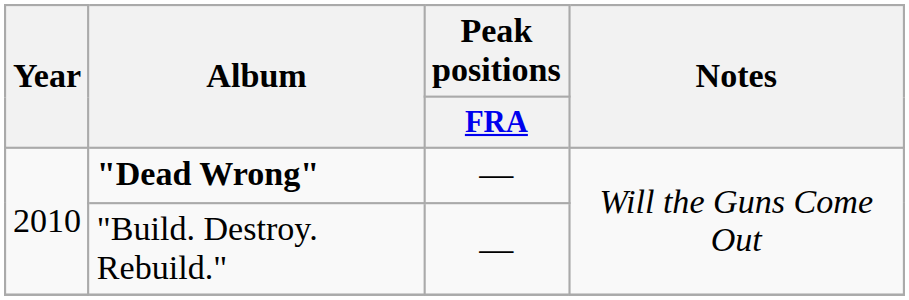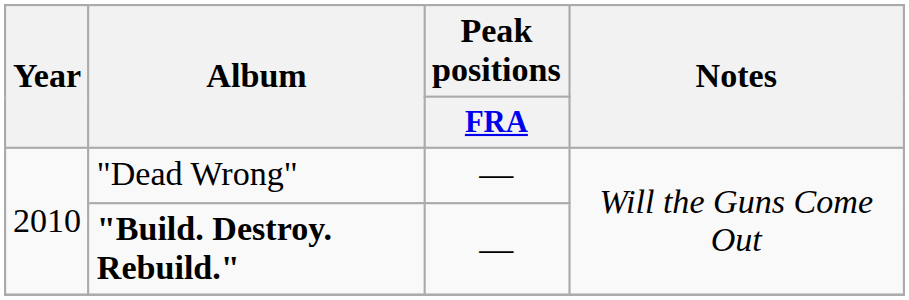 <table class="wikitable">
 <tr>
 <th align="center" rowspan="2" width="10">Year</th>
 <th align="center" rowspan="2" width="150">Album</th>
 <th align="center" colspan="1" width="30">Peak positions</th>
 <th align="center" rowspan="2" width="150">Notes</th>
 </tr>
 <tr>
 <th scope="col" style="width:3em;font-size:90%;"><a href='#'>FRA</a><br></th>
 </tr>
 <tr>
 <td align="center" rowspan="2">2010</td>
-<td><strong>"Dead Wrong"</strong></td>
+<td>"Dead Wrong"</td>
 <td align="center">—</td>
 <td align="center" rowspan=2><em>Will the Guns Come Out</em></td>
 </tr>
 <tr>
-<td>"Build. Destroy. Rebuild."</td>
+<td><strong>"Build. Destroy. Rebuild."</strong></td>
 <td align="center">—</td>
 </tr>
 <tr>
 </tr>
 </table>
